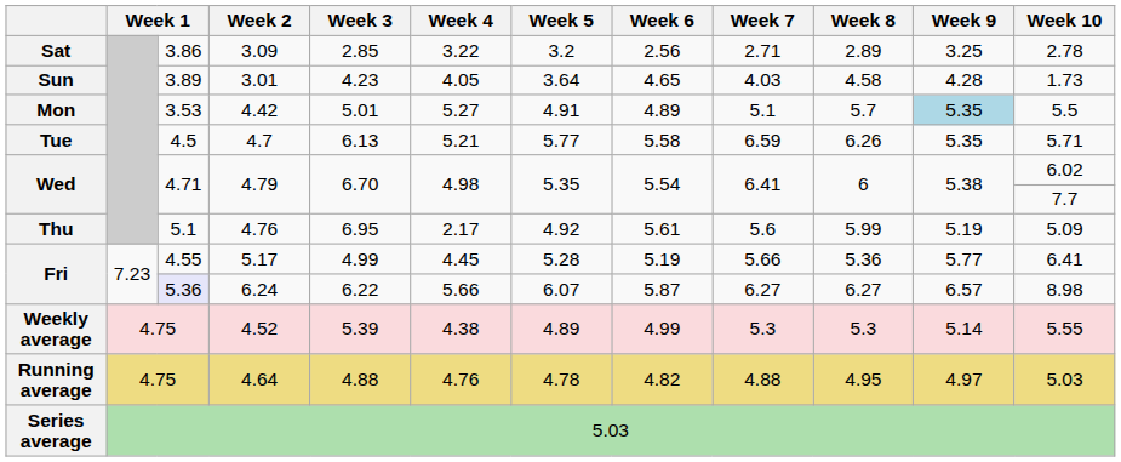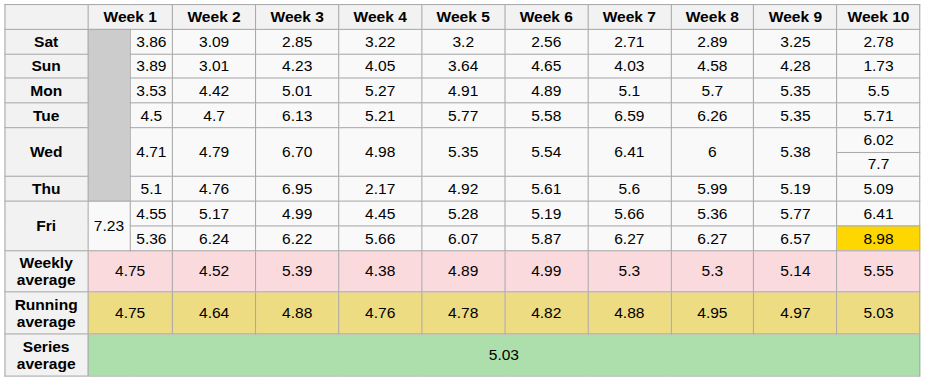 <table class="wikitable" style="font-size:90%; text-align:center; width: 96%; margin-left: auto; margin-right: auto;">
 <tr>
 <th scope="col" style="width:8%"></th>
 <th scope="colgroup" style="width:8%" colspan=2>Week 1</th>
 <th scope="col" style="width:8%">Week 2</th>
 <th scope="col" style="width:8%">Week 3</th>
 <th scope="col" style="width:8%">Week 4</th>
 <th scope="col" style="width:8%">Week 5</th>
 <th scope="col" style="width:8%">Week 6</th>
 <th scope="col" style="width:8%">Week 7</th>
 <th scope="col" style="width:8%">Week 8</th>
 <th scope="col" style="width:8%">Week 9</th>
 <th scope="col" style="width:8%">Week 10</th>
 </tr>
 <tr>
 <th scope="row">Sat</th>
 <td style="background:#ccc;" rowspan=7></td>
 <td>3.86</td>
 <td>3.09</td>
 <td>2.85</td>
 <td>3.22</td>
 <td>3.2</td>
 <td>2.56</td>
 <td>2.71</td>
 <td>2.89</td>
 <td>3.25</td>
 <td>2.78</td>
 </tr>
 <tr>
 <th scope="row">Sun</th>
 <td>3.89</td>
 <td>3.01</td>
 <td>4.23</td>
 <td>4.05</td>
 <td>3.64</td>
 <td>4.65</td>
 <td>4.03</td>
 <td>4.58</td>
 <td>4.28</td>
 <td>1.73</td>
 </tr>
 <tr>
 <th scope="row">Mon</th>
 <td>3.53</td>
 <td>4.42</td>
 <td>5.01</td>
 <td>5.27</td>
 <td>4.91</td>
 <td>4.89</td>
 <td>5.1</td>
 <td>5.7</td>
-<td style="background: lightblue;">5.35</td>
+<td>5.35</td>
 <td>5.5</td>
 </tr>
 <tr>
 <th scope="row">Tue</th>
 <td>4.5</td>
 <td>4.7</td>
 <td>6.13</td>
 <td>5.21</td>
 <td>5.77</td>
 <td>5.58</td>
 <td>6.59</td>
 <td>6.26</td>
 <td>5.35</td>
 <td>5.71</td>
 </tr>
 <tr>
 <th scope="rowgroup" rowspan="2">Wed</th>
 <td rowspan="2">4.71</td>
 <td rowspan="2">4.79</td>
 <td rowspan="2">6.70</td>
 <td rowspan="2">4.98</td>
 <td rowspan="2">5.35</td>
 <td rowspan="2">5.54</td>
 <td rowspan="2">6.41</td>
 <td rowspan="2">6</td>
 <td rowspan="2">5.38</td>
 <td>6.02</td>
 </tr>
 <tr>
 <td>7.7</td>
 </tr>
 <tr>
 <th scope="row">Thu</th>
 <td>5.1</td>
 <td>4.76</td>
 <td>6.95</td>
 <td>2.17</td>
 <td>4.92</td>
 <td>5.61</td>
 <td>5.6</td>
 <td>5.99</td>
 <td>5.19</td>
 <td>5.09</td>
 </tr>
 <tr>
 <th scope="rowgroup" rowspan=2>Fri</th>
 <td rowspan=2>7.23</td>
 <td>4.55</td>
 <td>5.17</td>
 <td>4.99</td>
 <td>4.45</td>
 <td>5.28</td>
 <td>5.19</td>
 <td>5.66</td>
 <td>5.36</td>
 <td>5.77</td>
 <td>6.41</td>
 </tr>
 <tr>
-<td style="background: lavender;">5.36</td>
+<td>5.36</td>
 <td>6.24</td>
 <td>6.22</td>
 <td>5.66</td>
 <td>6.07</td>
 <td>5.87</td>
 <td>6.27</td>
 <td>6.27</td>
 <td>6.57</td>
-<td>8.98</td>
+<td style="background: gold;">8.98</td>
 </tr>
 <tr>
 <th scope="row">Weekly<br>average</th>
 <td colspan="2" style="background:#FADADD;">4.75</td>
 <td style="background:#FADADD;">4.52</td>
 <td style="background:#FADADD;">5.39</td>
 <td style="background:#FADADD;">4.38</td>
 <td style="background:#FADADD;">4.89</td>
 <td style="background:#FADADD;">4.99</td>
 <td style="background:#FADADD;">5.3</td>
 <td style="background:#FADADD;">5.3</td>
 <td style="background:#FADADD;">5.14</td>
 <td style="background:#FADADD;">5.55</td>
 </tr>
 <tr>
 <th scope="row">Running<br>average</th>
 <td colspan="2" style="background:#EEDC82;">4.75</td>
 <td style="background:#EEDC82;">4.64</td>
 <td style="background:#EEDC82;">4.88</td>
 <td style="background:#EEDC82;">4.76</td>
 <td style="background:#EEDC82;">4.78</td>
 <td style="background:#EEDC82;">4.82</td>
 <td style="background:#EEDC82;">4.88</td>
 <td style="background:#EEDC82;">4.95</td>
 <td style="background:#EEDC82;">4.97</td>
 <td style="background:#EEDC82;">5.03</td>
 </tr>
 <tr>
 <th scope="row">Series<br>average</th>
 <td colspan="11" style="background:#ADDFAD;">5.03</td>
 </tr>
 </table>
